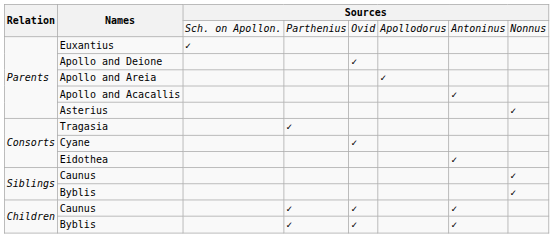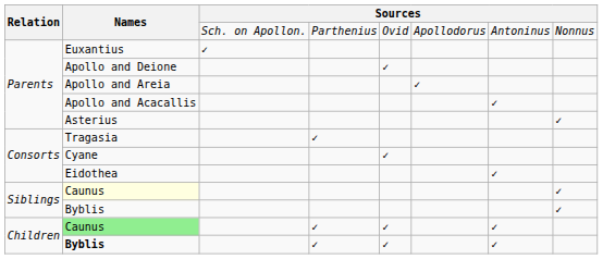 <table class="wikitable">
 <tr>
 <th rowspan="2">Relation</th>
 <th rowspan="2">Names</th>
 <th colspan="6">Sources</th>
 </tr>
 <tr>
 <td><em>Sch. on Apollon.</em></td>
 <td><em>Parthenius</em></td>
 <td><em>Ovid</em></td>
 <td><em>Apollodorus</em></td>
 <td><em>Antoninus</em></td>
 <td><em>Nonnus</em></td>
 </tr>
 <tr>
 <td rowspan="5"><em>Parents</em></td>
 <td>Euxantius</td>
 <td>✓</td>
 <td></td>
 <td></td>
 <td></td>
 <td></td>
 <td></td>
 </tr>
 <tr>
 <td>Apollo and Deione</td>
 <td></td>
 <td></td>
 <td>✓</td>
 <td></td>
 <td></td>
 <td></td>
 </tr>
 <tr>
 <td>Apollo and Areia</td>
 <td></td>
 <td></td>
 <td></td>
 <td>✓</td>
 <td></td>
 <td></td>
 </tr>
 <tr>
 <td>Apollo and Acacallis</td>
 <td></td>
 <td></td>
 <td></td>
 <td></td>
 <td>✓</td>
 <td></td>
 </tr>
 <tr>
 <td>Asterius</td>
 <td></td>
 <td></td>
 <td></td>
 <td></td>
 <td></td>
 <td>✓</td>
 </tr>
 <tr>
 <td rowspan="3"><em>Consorts</em></td>
 <td>Tragasia</td>
 <td></td>
 <td>✓</td>
 <td></td>
 <td></td>
 <td></td>
 <td></td>
 </tr>
 <tr>
 <td>Cyane</td>
 <td></td>
 <td></td>
 <td>✓</td>
 <td></td>
 <td></td>
 <td></td>
 </tr>
 <tr>
 <td>Eidothea</td>
 <td></td>
 <td></td>
 <td></td>
 <td></td>
 <td>✓</td>
 <td></td>
 </tr>
 <tr>
 <td rowspan="2"><em>Siblings</em></td>
-<td>Caunus</td>
+<td style="background: lightyellow;">Caunus</td>
 <td></td>
 <td></td>
 <td></td>
 <td></td>
 <td></td>
 <td>✓</td>
 </tr>
 <tr>
 <td>Byblis</td>
 <td></td>
 <td></td>
 <td></td>
 <td></td>
 <td></td>
 <td>✓</td>
 </tr>
 <tr>
 <td rowspan="2"><em>Children</em></td>
-<td>Caunus</td>
+<td style="background: lightgreen;">Caunus</td>
 <td></td>
 <td>✓</td>
 <td>✓</td>
 <td></td>
 <td>✓</td>
 <td></td>
 </tr>
 <tr>
-<td>Byblis</td>
+<td><strong>Byblis</strong></td>
 <td></td>
 <td>✓</td>
 <td>✓</td>
 <td></td>
 <td>✓</td>
 <td></td>
 </tr>
 </table>
